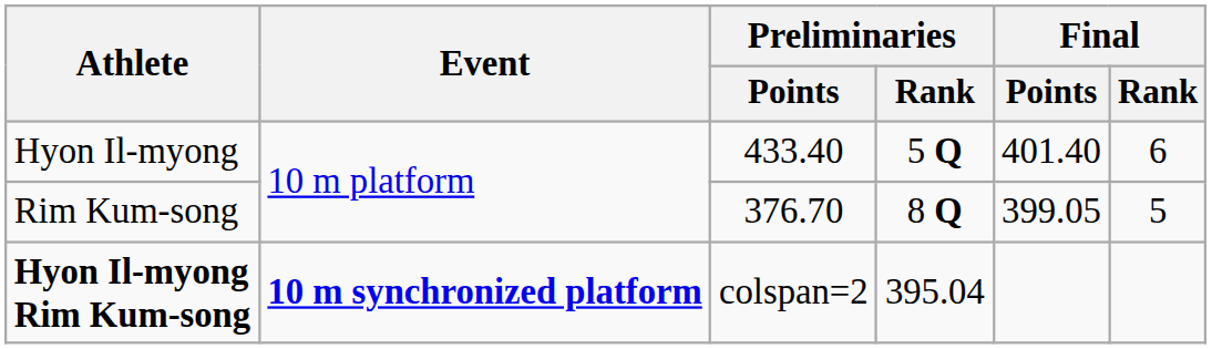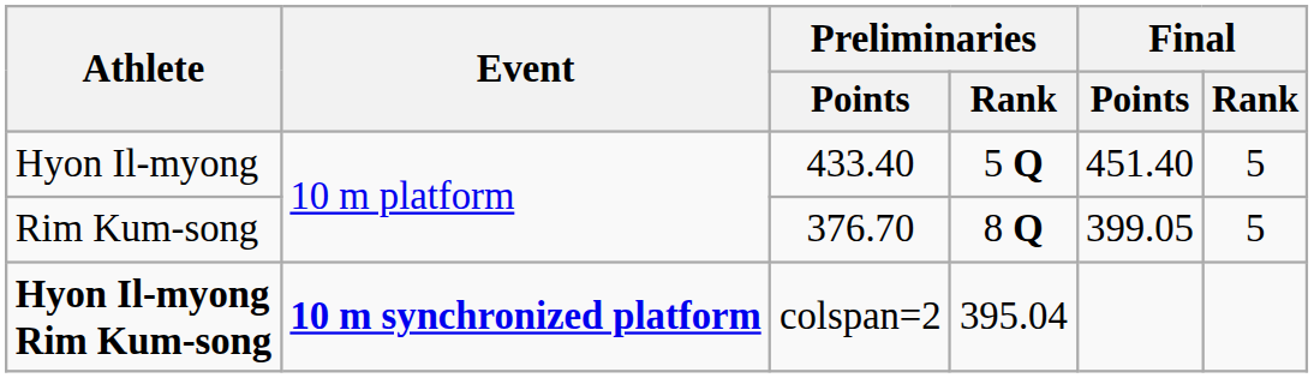 <table class=wikitable style=font-size:90%;text-align:center>
 <tr>
 <th rowspan="2">Athlete</th>
 <th rowspan="2">Event</th>
 <th colspan="2">Preliminaries</th>
 <th colspan="2">Final</th>
 </tr>
 <tr style="font-size:95%">
 <th>Points</th>
 <th>Rank</th>
 <th>Points</th>
 <th>Rank</th>
 </tr>
 <tr>
 <td align=left>Hyon Il-myong</td>
 <td align=left rowspan=2><a href='#'>10 m platform</a></td>
 <td>433.40</td>
 <td>5 <strong>Q</strong></td>
-<td>401.40</td>
-<td>6</td>
+<td>451.40</td>
+<td>5</td>
 </tr>
 <tr>
 <td align=left>Rim Kum-song</td>
 <td>376.70</td>
 <td>8 <strong>Q</strong></td>
 <td>399.05</td>
 <td>5</td>
 </tr>
 <tr>
 <td align=left><strong>Hyon Il-myong<br>Rim Kum-song</strong></td>
 <td align=left><strong><a href='#'>10 m synchronized platform</a></strong></td>
 <td>colspan=2 </td>
 <td>395.04</td>
 <td></td>
 </tr>
 </table>
